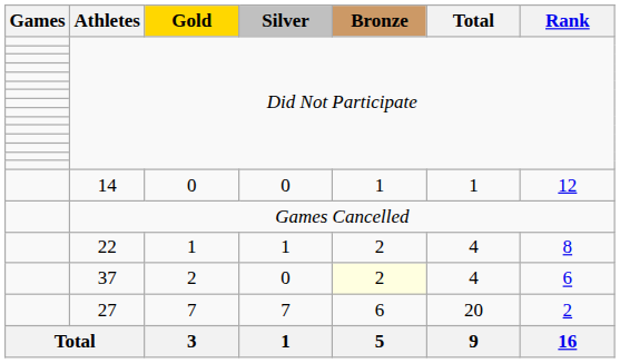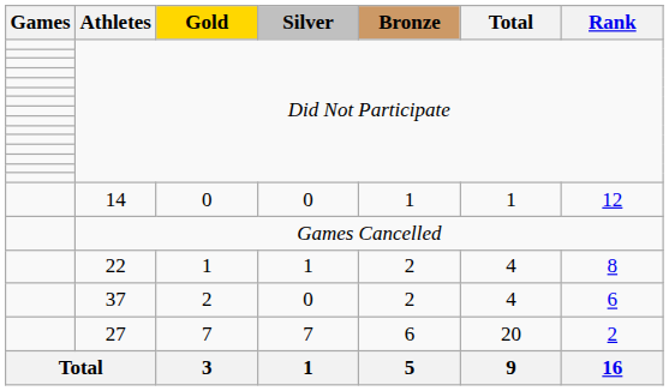 <table class="wikitable sortable" style="text-align:center; font-size:90%;">
 <tr>
 <th>Games</th>
 <th>Athletes</th>
 <th style="background:gold; width:4.5em; font-weight:bold;">Gold</th>
 <th style="background:silver; width:4.5em; font-weight:bold;">Silver</th>
 <th style="background:#cc9966; width:4.5em; font-weight:bold;">Bronze</th>
 <th style="width:4.5em; font-weight:bold;">Total</th>
 <th style="width:4.5em; font-weight:bold;"><a href='#'>Rank</a></th>
 </tr>
 <tr>
 <td align=left></td>
 <td rowspan=15 colspan=6><em>Did Not Participate</em></td>
 </tr>
 <tr>
 <td align=left></td>
 </tr>
 <tr>
 <td align=left></td>
 </tr>
 <tr>
 <td align=left></td>
 </tr>
 <tr>
 <td align=left></td>
 </tr>
 <tr>
 <td align=left></td>
 </tr>
 <tr>
 <td align=left></td>
 </tr>
 <tr>
 <td align=left></td>
 </tr>
 <tr>
 <td align=left></td>
 </tr>
 <tr>
 <td align=left></td>
 </tr>
 <tr>
 <td align=left></td>
 </tr>
 <tr>
 <td align=left></td>
 </tr>
 <tr>
 <td align=left></td>
 </tr>
 <tr>
 <td align=left></td>
 </tr>
 <tr>
 <td align=left></td>
 </tr>
 <tr>
 <td align=left></td>
 <td>14</td>
 <td>0</td>
 <td>0</td>
 <td>1</td>
 <td>1</td>
 <td><a href='#'>12</a></td>
 </tr>
 <tr>
 <td align=left></td>
 <td rowspan=1 colspan=6><em>Games Cancelled</em></td>
 </tr>
 <tr>
 <td align=left></td>
 <td>22</td>
 <td>1</td>
 <td>1</td>
 <td>2</td>
 <td>4</td>
 <td><a href='#'>8</a></td>
 </tr>
 <tr>
 <td align=left></td>
 <td>37</td>
 <td>2</td>
 <td>0</td>
-<td style="background: lightyellow;">2</td>
+<td>2</td>
 <td>4</td>
 <td><a href='#'>6</a></td>
 </tr>
 <tr>
 <td align=left></td>
 <td>27</td>
 <td>7</td>
 <td>7</td>
 <td>6</td>
 <td>20</td>
 <td><a href='#'>2</a></td>
 </tr>
 <tr>
 <th colspan=2>Total</th>
 <th>3</th>
 <th>1</th>
 <th>5</th>
 <th>9</th>
 <th><a href='#'>16</a></th>
 </tr>
 </table>
